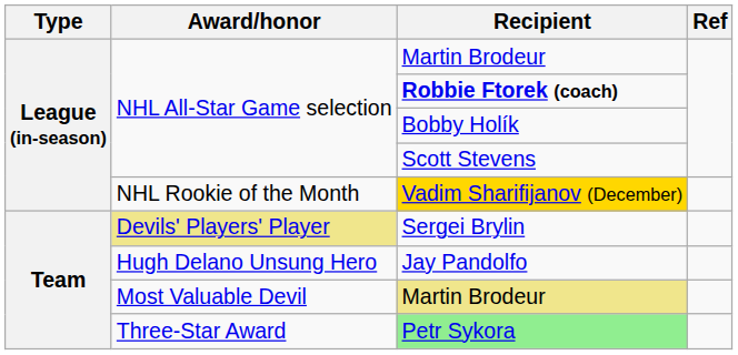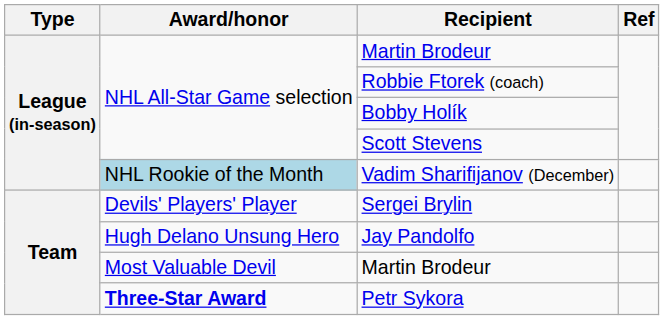 <table class="wikitable">
 <tr>
 <th scope="col">Type</th>
 <th scope="col">Award/honor</th>
 <th scope="col">Recipient</th>
 <th scope="col">Ref</th>
 </tr>
 <tr>
 <th scope="row" rowspan="5">League<br><small>(in-season)</small></th>
 <td rowspan="4"><a href='#'>NHL All-Star Game</a> selection</td>
 <td><a href='#'>Martin Brodeur</a></td>
 <td rowspan="4"></td>
 </tr>
 <tr>
-<td><strong><a href='#'>Robbie Ftorek</a> <small>(coach)</small></strong></td>
+<td><a href='#'>Robbie Ftorek</a> <small>(coach)</small></td>
 </tr>
 <tr>
 <td><a href='#'>Bobby Holík</a></td>
 </tr>
 <tr>
 <td><a href='#'>Scott Stevens</a></td>
 </tr>
 <tr>
-<td>NHL Rookie of the Month</td>
-<td style="background: gold;"><a href='#'>Vadim Sharifijanov</a> <small>(December)</small></td>
+<td style="background: lightblue;">NHL Rookie of the Month</td>
+<td><a href='#'>Vadim Sharifijanov</a> <small>(December)</small></td>
 <td></td>
 </tr>
 <tr>
 <th scope="row" rowspan="4">Team</th>
-<td style="background: khaki;"><a href='#'>Devils' Players' Player</a></td>
+<td><a href='#'>Devils' Players' Player</a></td>
 <td><a href='#'>Sergei Brylin</a></td>
 <td></td>
 </tr>
 <tr>
 <td><a href='#'>Hugh Delano Unsung Hero</a></td>
 <td><a href='#'>Jay Pandolfo</a></td>
 <td></td>
 </tr>
 <tr>
 <td><a href='#'>Most Valuable Devil</a></td>
-<td style="background: khaki;">Martin Brodeur</td>
+<td>Martin Brodeur</td>
 <td></td>
 </tr>
 <tr>
-<td><a href='#'>Three-Star Award</a></td>
-<td style="background: lightgreen;"><a href='#'>Petr Sykora</a></td>
+<td><strong><a href='#'>Three-Star Award</a></strong></td>
+<td><a href='#'>Petr Sykora</a></td>
 <td></td>
 </tr>
 </table>
